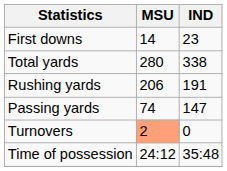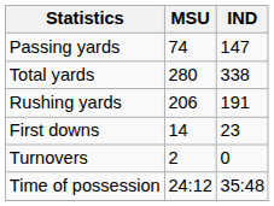 <table class="wikitable">
 <tr>
 <th>Statistics</th>
 <th>MSU</th>
 <th>IND</th>
 </tr>
 <tr>
-<td>First downs</td>
-<td>14</td>
-<td>23</td>
+<td>Passing yards</td>
+<td>74</td>
+<td>147</td>
 </tr>
 <tr>
 <td>Total yards</td>
 <td>280</td>
 <td>338</td>
 </tr>
 <tr>
 <td>Rushing yards</td>
 <td>206</td>
 <td>191</td>
 </tr>
 <tr>
-<td>Passing yards</td>
-<td>74</td>
-<td>147</td>
+<td>First downs</td>
+<td>14</td>
+<td>23</td>
 </tr>
 <tr>
 <td>Turnovers</td>
-<td style="background: lightsalmon;">2</td>
+<td>2</td>
 <td>0</td>
 </tr>
 <tr>
 <td>Time of possession</td>
 <td>24:12</td>
 <td>35:48</td>
 </tr>
 <tr>
 </tr>
 </table>
